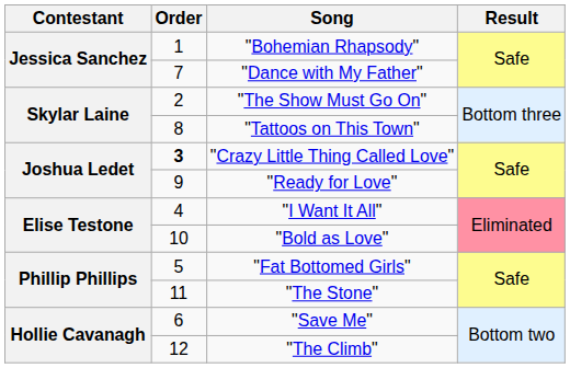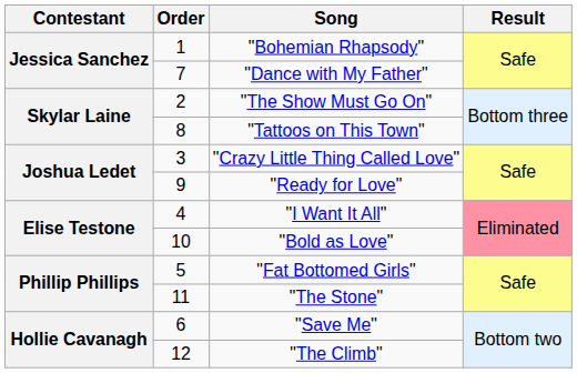 <table class="wikitable unsortable" style="text-align:center;">
 <tr>
 <th scope="col">Contestant</th>
 <th scope="col">Order</th>
 <th scope="col">Song</th>
 <th scope="col">Result</th>
 </tr>
 <tr>
 <th scope="row" rowspan="2">Jessica Sanchez</th>
 <td>1</td>
 <td>"<a href='#'>Bohemian Rhapsody</a>"</td>
 <td rowspan="2" style="background:#FDFC8F">Safe</td>
 </tr>
 <tr>
 <td>7</td>
 <td>"<a href='#'>Dance with My Father</a>"</td>
 </tr>
 <tr>
 <th scope="row" rowspan="2">Skylar Laine</th>
 <td>2</td>
 <td>"<a href='#'>The Show Must Go On</a>"</td>
 <td rowspan="2" bgcolor="E0F0FF">Bottom three</td>
 </tr>
 <tr>
 <td>8</td>
 <td>"<a href='#'>Tattoos on This Town</a>"</td>
 </tr>
 <tr>
 <th scope="row" rowspan="2">Joshua Ledet</th>
-<td><strong>3</strong></td>
+<td>3</td>
 <td>"<a href='#'>Crazy Little Thing Called Love</a>"</td>
 <td rowspan="2" style="background:#FDFC8F">Safe</td>
 </tr>
 <tr>
 <td>9</td>
 <td>"<a href='#'>Ready for Love</a>"</td>
 </tr>
 <tr>
 <th scope="row" rowspan="2">Elise Testone</th>
 <td>4</td>
 <td>"<a href='#'>I Want It All</a>"</td>
 <td rowspan="2" bgcolor="FF91A4">Eliminated</td>
 </tr>
 <tr>
 <td>10</td>
 <td>"<a href='#'>Bold as Love</a>"</td>
 </tr>
 <tr>
 <th scope="row" rowspan="2">Phillip Phillips</th>
 <td>5</td>
 <td>"<a href='#'>Fat Bottomed Girls</a>"</td>
 <td rowspan="2" style="background:#FDFC8F">Safe</td>
 </tr>
 <tr>
 <td>11</td>
 <td>"<a href='#'>The Stone</a>"</td>
 </tr>
 <tr>
 <th scope="row" rowspan="2">Hollie Cavanagh</th>
 <td>6</td>
 <td>"<a href='#'>Save Me</a>"</td>
 <td rowspan="2" bgcolor="E0F0FF">Bottom two</td>
 </tr>
 <tr>
 <td>12</td>
 <td>"<a href='#'>The Climb</a>"</td>
 </tr>
 </table>
